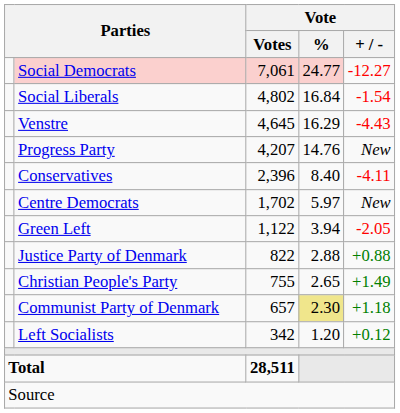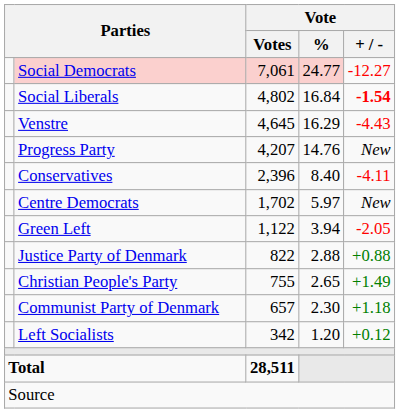 <table class="wikitable" style="text-align:right;">
 <tr>
 <th style="text-align:centre;" rowspan="2" colspan="2" width="225">Parties</th>
 <th colspan="3">Vote</th>
 </tr>
 <tr>
 <th width="15">Votes</th>
 <th width="15">%</th>
 <th width="15">+ / -</th>
 </tr>
 <tr>
 <td width="2" style="color:inherit;background:"></td>
 <td bgcolor=#fbd0ce  align="left"><a href='#'>Social Democrats</a></td>
 <td bgcolor=#fbd0ce>7,061</td>
 <td bgcolor=#fbd0ce>24.77</td>
 <td style=color:red;>-12.27</td>
 </tr>
 <tr>
 <td width="2" style="color:inherit;background:"></td>
 <td align="left"><a href='#'>Social Liberals</a></td>
 <td>4,802</td>
 <td>16.84</td>
-<td style=color:red;>-1.54</td>
+<td style=color:red;><strong>-1.54</strong></td>
 </tr>
 <tr>
 <td width="2" style="color:inherit;background:"></td>
 <td align="left"><a href='#'>Venstre</a></td>
 <td>4,645</td>
 <td>16.29</td>
 <td style=color:red;>-4.43</td>
 </tr>
 <tr>
 <td width="2" style="color:inherit;background:"></td>
 <td align="left"><a href='#'>Progress Party</a></td>
 <td>4,207</td>
 <td>14.76</td>
 <td><em>New</em></td>
 </tr>
 <tr>
 <td width="2" style="color:inherit;background:"></td>
 <td align="left"><a href='#'>Conservatives</a></td>
 <td>2,396</td>
 <td>8.40</td>
 <td style=color:red;>-4.11</td>
 </tr>
 <tr>
 <td width="2" style="color:inherit;background:"></td>
 <td align="left"><a href='#'>Centre Democrats</a></td>
 <td>1,702</td>
 <td>5.97</td>
 <td><em>New</em></td>
 </tr>
 <tr>
 <td width="2" style="color:inherit;background:"></td>
 <td align="left"><a href='#'>Green Left</a></td>
 <td>1,122</td>
 <td>3.94</td>
 <td style=color:red;>-2.05</td>
 </tr>
 <tr>
 <td width="2" style="color:inherit;background:"></td>
 <td align="left"><a href='#'>Justice Party of Denmark</a></td>
 <td>822</td>
 <td>2.88</td>
 <td style=color:green;>+0.88</td>
 </tr>
 <tr>
 <td width="2" style="color:inherit;background:"></td>
 <td align="left"><a href='#'>Christian People's Party</a></td>
 <td>755</td>
 <td>2.65</td>
 <td style=color:green;>+1.49</td>
 </tr>
 <tr>
 <td width="2" style="color:inherit;background:"></td>
 <td align="left"><a href='#'>Communist Party of Denmark</a></td>
 <td>657</td>
-<td style="background: khaki;">2.30</td>
+<td>2.30</td>
 <td style=color:green;>+1.18</td>
 </tr>
 <tr>
 <td width="2" style="color:inherit;background:"></td>
 <td align="left"><a href='#'>Left Socialists</a></td>
 <td>342</td>
 <td>1.20</td>
 <td style=color:green;>+0.12</td>
 </tr>
 <tr>
 <td colspan="7" bgcolor="#E9E9E9"></td>
 </tr>
 <tr>
 <td align="left" colspan="2"><strong>Total</strong></td>
 <td><strong>28,511</strong></td>
 <td bgcolor="#E9E9E9" colspan="2"></td>
 </tr>
 <tr>
 <td align="left" colspan="6">Source</td>
 </tr>
 </table>
